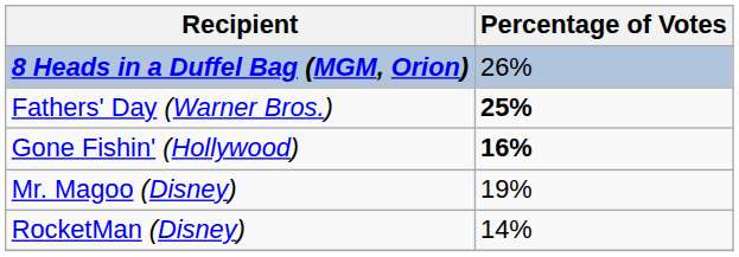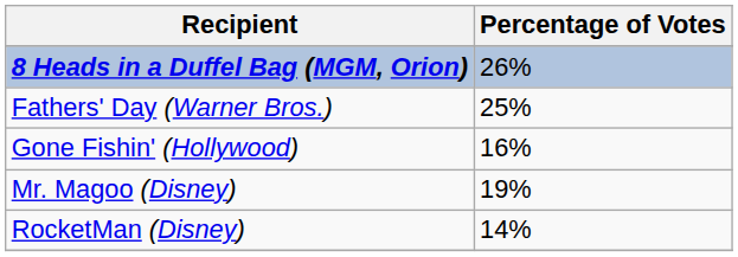 <table class="wikitable sortable plainrowheaders">
 <tr>
 <th>Recipient</th>
 <th>Percentage of Votes</th>
 </tr>
 <tr>
 </tr>
 <tr style="background:#B0C4DE;">
 <td><strong><em><a href='#'>8 Heads in a Duffel Bag</a><em> (<a href='#'>MGM</a>, <a href='#'>Orion</a>)<strong></td>
 <td></strong>26%<strong></td>
 </tr>
 <tr>
 <td></em><a href='#'>Fathers' Day</a><em> (<a href='#'>Warner Bros.</a>)</td>
-<td><strong>25%</strong></td>
+<td>25%</td>
 </tr>
 <tr>
 <td></em><a href='#'>Gone Fishin'</a><em> (<a href='#'>Hollywood</a>)</td>
-<td><strong>16%</strong></td>
+<td>16%</td>
 </tr>
 <tr>
 <td></em><a href='#'>Mr. Magoo</a><em> (<a href='#'>Disney</a>)</td>
 <td>19%</td>
 </tr>
 <tr>
 <td></em><a href='#'>RocketMan</a><em> (<a href='#'>Disney</a>)</td>
 <td>14%</td>
 </tr>
 <tr>
 </tr>
 </table>
